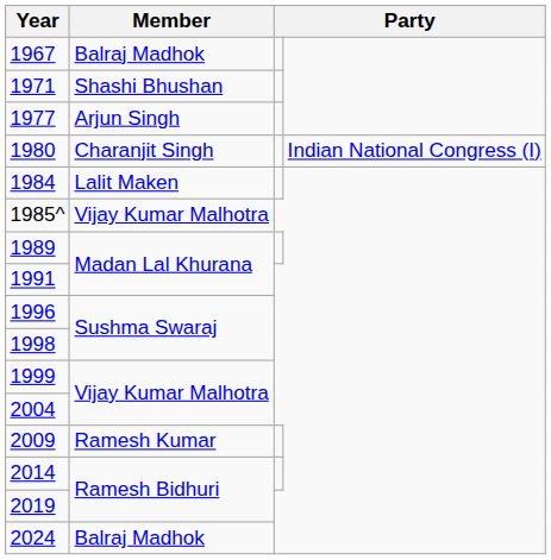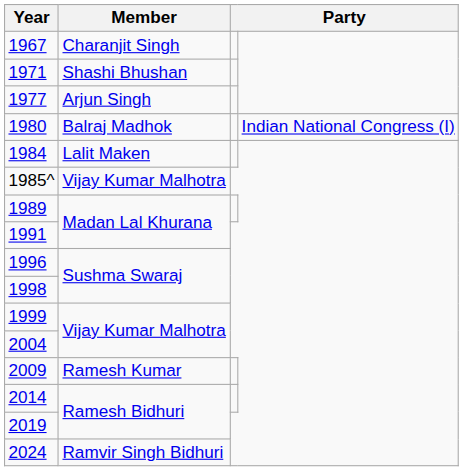 <table class="wikitable">
 <tr>
 <th>Year</th>
 <th>Member</th>
 <th colspan="2">Party</th>
 </tr>
 <tr>
 <td><a href='#'>1967</a></td>
-<td><a href='#'>Balraj Madhok</a></td>
+<td><a href='#'>Charanjit Singh</a></td>
 <td></td>
 </tr>
 <tr>
 <td><a href='#'>1971</a></td>
 <td><a href='#'>Shashi Bhushan</a></td>
 <td></td>
 </tr>
 <tr>
 <td><a href='#'>1977</a></td>
 <td><a href='#'>Arjun Singh</a></td>
 <td></td>
 </tr>
 <tr>
 <td><a href='#'>1980</a></td>
-<td><a href='#'>Charanjit Singh</a></td>
+<td><a href='#'>Balraj Madhok</a></td>
 <td style="background-color: "></td>
 <td><a href='#'>Indian National Congress (I)</a></td>
 </tr>
 <tr>
 <td><a href='#'>1984</a></td>
 <td><a href='#'>Lalit Maken</a></td>
 <td></td>
 </tr>
 <tr>
 <td>1985^</td>
 <td><a href='#'>Vijay Kumar Malhotra</a></td>
 </tr>
 <tr>
 <td><a href='#'>1989</a></td>
 <td rowspan="2"><a href='#'>Madan Lal Khurana</a></td>
 <td></td>
 </tr>
 <tr>
 <td><a href='#'>1991</a></td>
 </tr>
 <tr>
 <td><a href='#'>1996</a></td>
 <td rowspan="2"><a href='#'>Sushma Swaraj</a></td>
 </tr>
 <tr>
 <td><a href='#'>1998</a></td>
 </tr>
 <tr>
 <td><a href='#'>1999</a></td>
 <td rowspan="2"><a href='#'>Vijay Kumar Malhotra</a></td>
 </tr>
 <tr>
 <td><a href='#'>2004</a></td>
 </tr>
 <tr>
 <td><a href='#'>2009</a></td>
 <td><a href='#'>Ramesh Kumar</a></td>
 <td></td>
 </tr>
 <tr>
 <td><a href='#'>2014</a></td>
 <td rowspan="2"><a href='#'>Ramesh Bidhuri</a></td>
 <td></td>
 </tr>
 <tr>
 <td><a href='#'>2019</a></td>
 </tr>
 <tr>
 <td><a href='#'>2024</a></td>
-<td><a href='#'>Balraj Madhok</a></td>
+<td><a href='#'>Ramvir Singh Bidhuri</a></td>
 </tr>
 </table>
